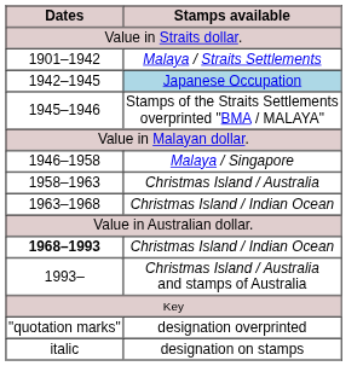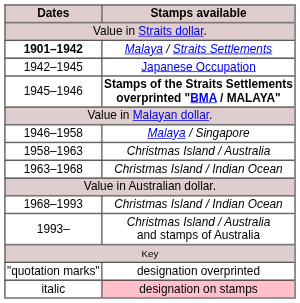 <table border="1" cellpadding="2" cellspacing="0" style="text-align:center">
 <tr>
 <th style="background:#E0CECE">Dates</th>
 <th style="background:#E0CECE">Stamps available</th>
 </tr>
 <tr>
 <td style="background:#E0CECE" colspan="2">Value in <a href='#'>Straits dollar</a>.</td>
 </tr>
 <tr>
-<td>1901–1942</td>
+<td><strong>1901–1942</strong></td>
 <td><em><a href='#'>Malaya</a> / <a href='#'>Straits Settlements</a></em></td>
 </tr>
 <tr>
 <td>1942–1945</td>
-<td style="background: lightblue;"><a href='#'>Japanese Occupation</a></td>
+<td><a href='#'>Japanese Occupation</a></td>
 </tr>
 <tr>
 <td>1945–1946</td>
-<td>Stamps of the Straits Settlements<br>overprinted "<a href='#'>BMA</a> / MALAYA"</td>
+<td><strong>Stamps of the Straits Settlements<br>overprinted "<a href='#'>BMA</a> / MALAYA"</strong></td>
 </tr>
 <tr>
 <td style="background:#E0CECE" colspan="2">Value in <a href='#'>Malayan dollar</a>.</td>
 </tr>
 <tr>
 <td>1946–1958</td>
 <td><em><a href='#'>Malaya</a> / Singapore</em></td>
 </tr>
 <tr>
 <td>1958–1963</td>
 <td><em>Christmas Island / Australia</em></td>
 </tr>
 <tr>
 <td>1963–1968</td>
 <td><em>Christmas Island / Indian Ocean</em></td>
 </tr>
 <tr>
 <td style="background:#E0CECE" colspan="2">Value in Australian dollar.</td>
 </tr>
 <tr>
-<td><strong>1968–1993</strong></td>
+<td>1968–1993</td>
 <td><em>Christmas Island / Indian Ocean</em></td>
 </tr>
 <tr>
 <td>1993–</td>
 <td><em>Christmas Island / Australia</em><br>and stamps of Australia</td>
 </tr>
 <tr>
 <td style="background:#E0CECE" colspan="2"><small>Key</small></td>
 </tr>
 <tr>
 <td>"quotation marks"</td>
 <td>designation overprinted</td>
 </tr>
 <tr>
 <td>italic</td>
-<td>designation on stamps</td>
+<td style="background: pink;">designation on stamps</td>
 </tr>
 <tr>
 </tr>
 </table>
